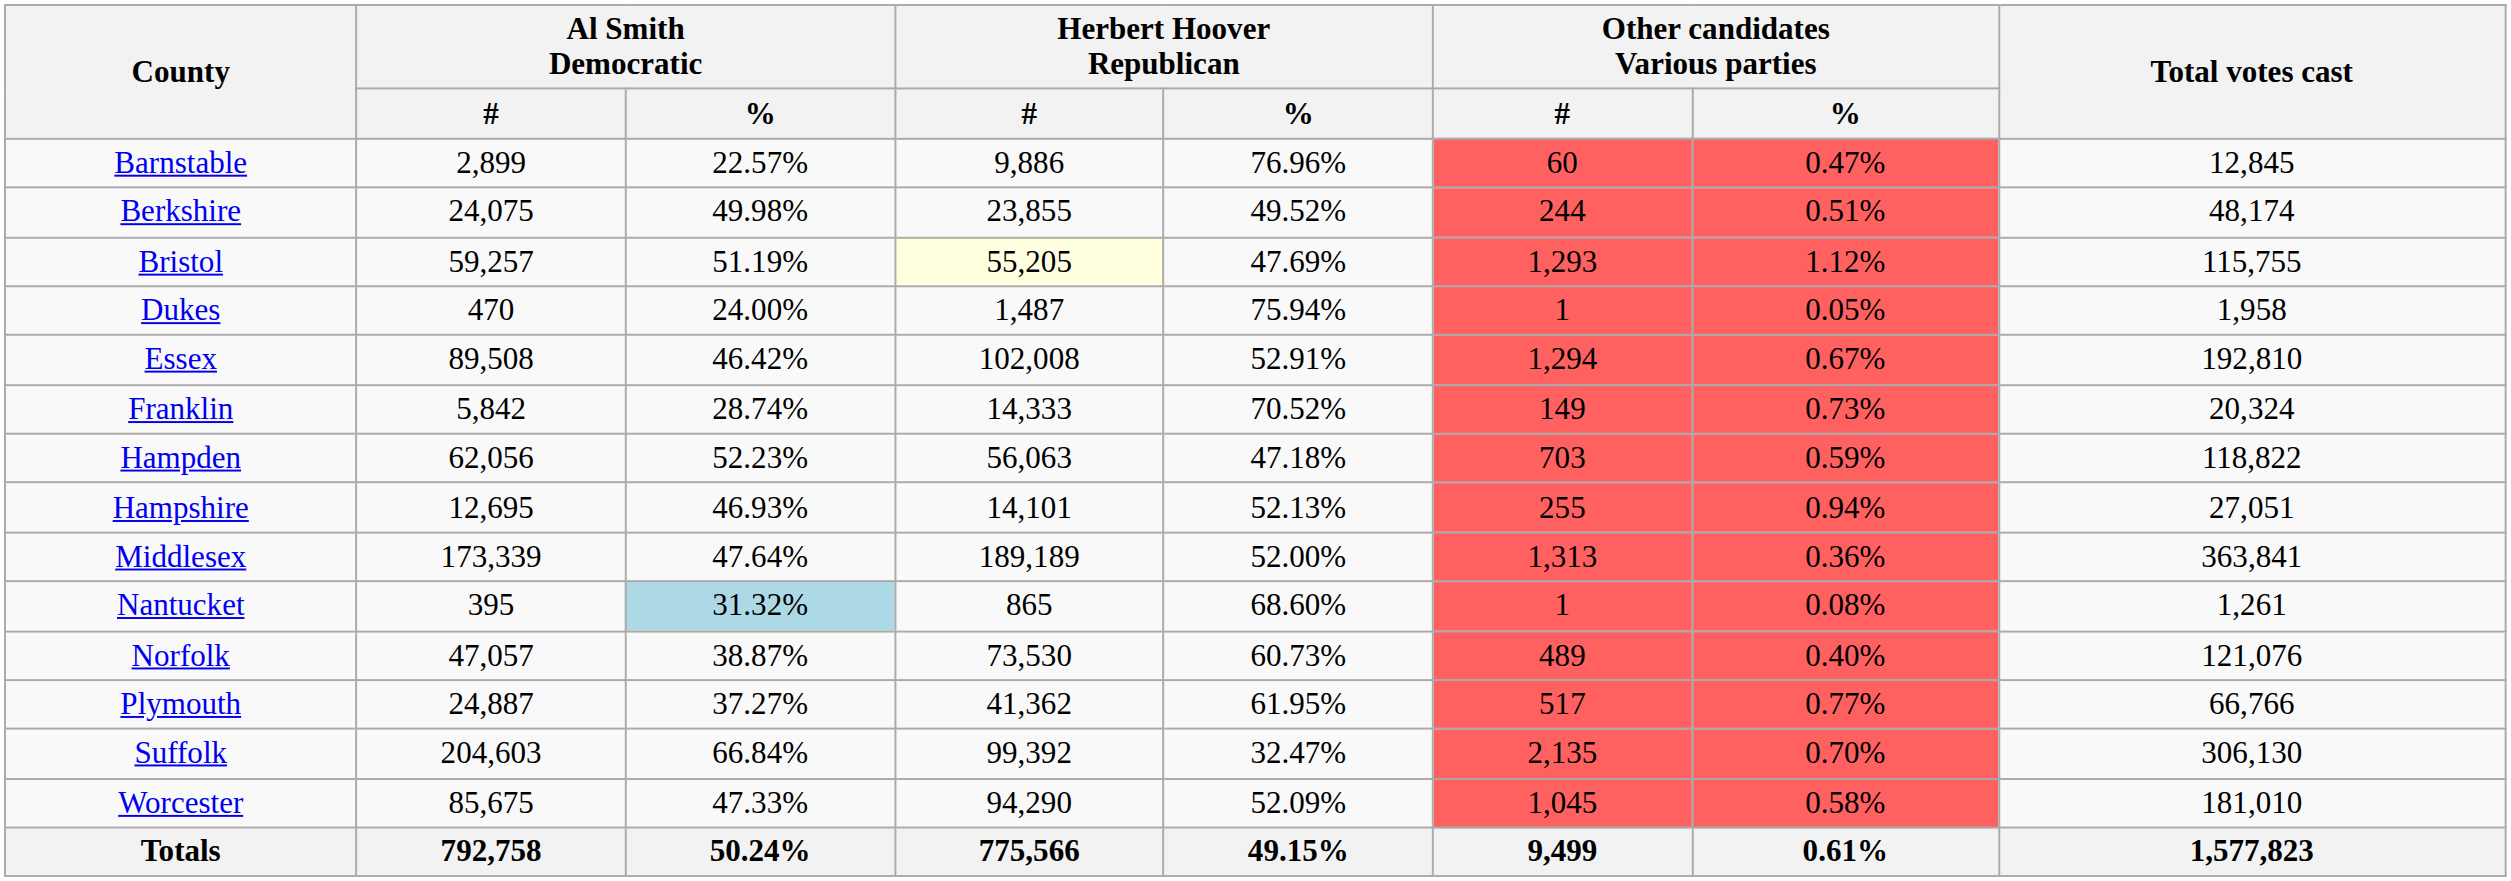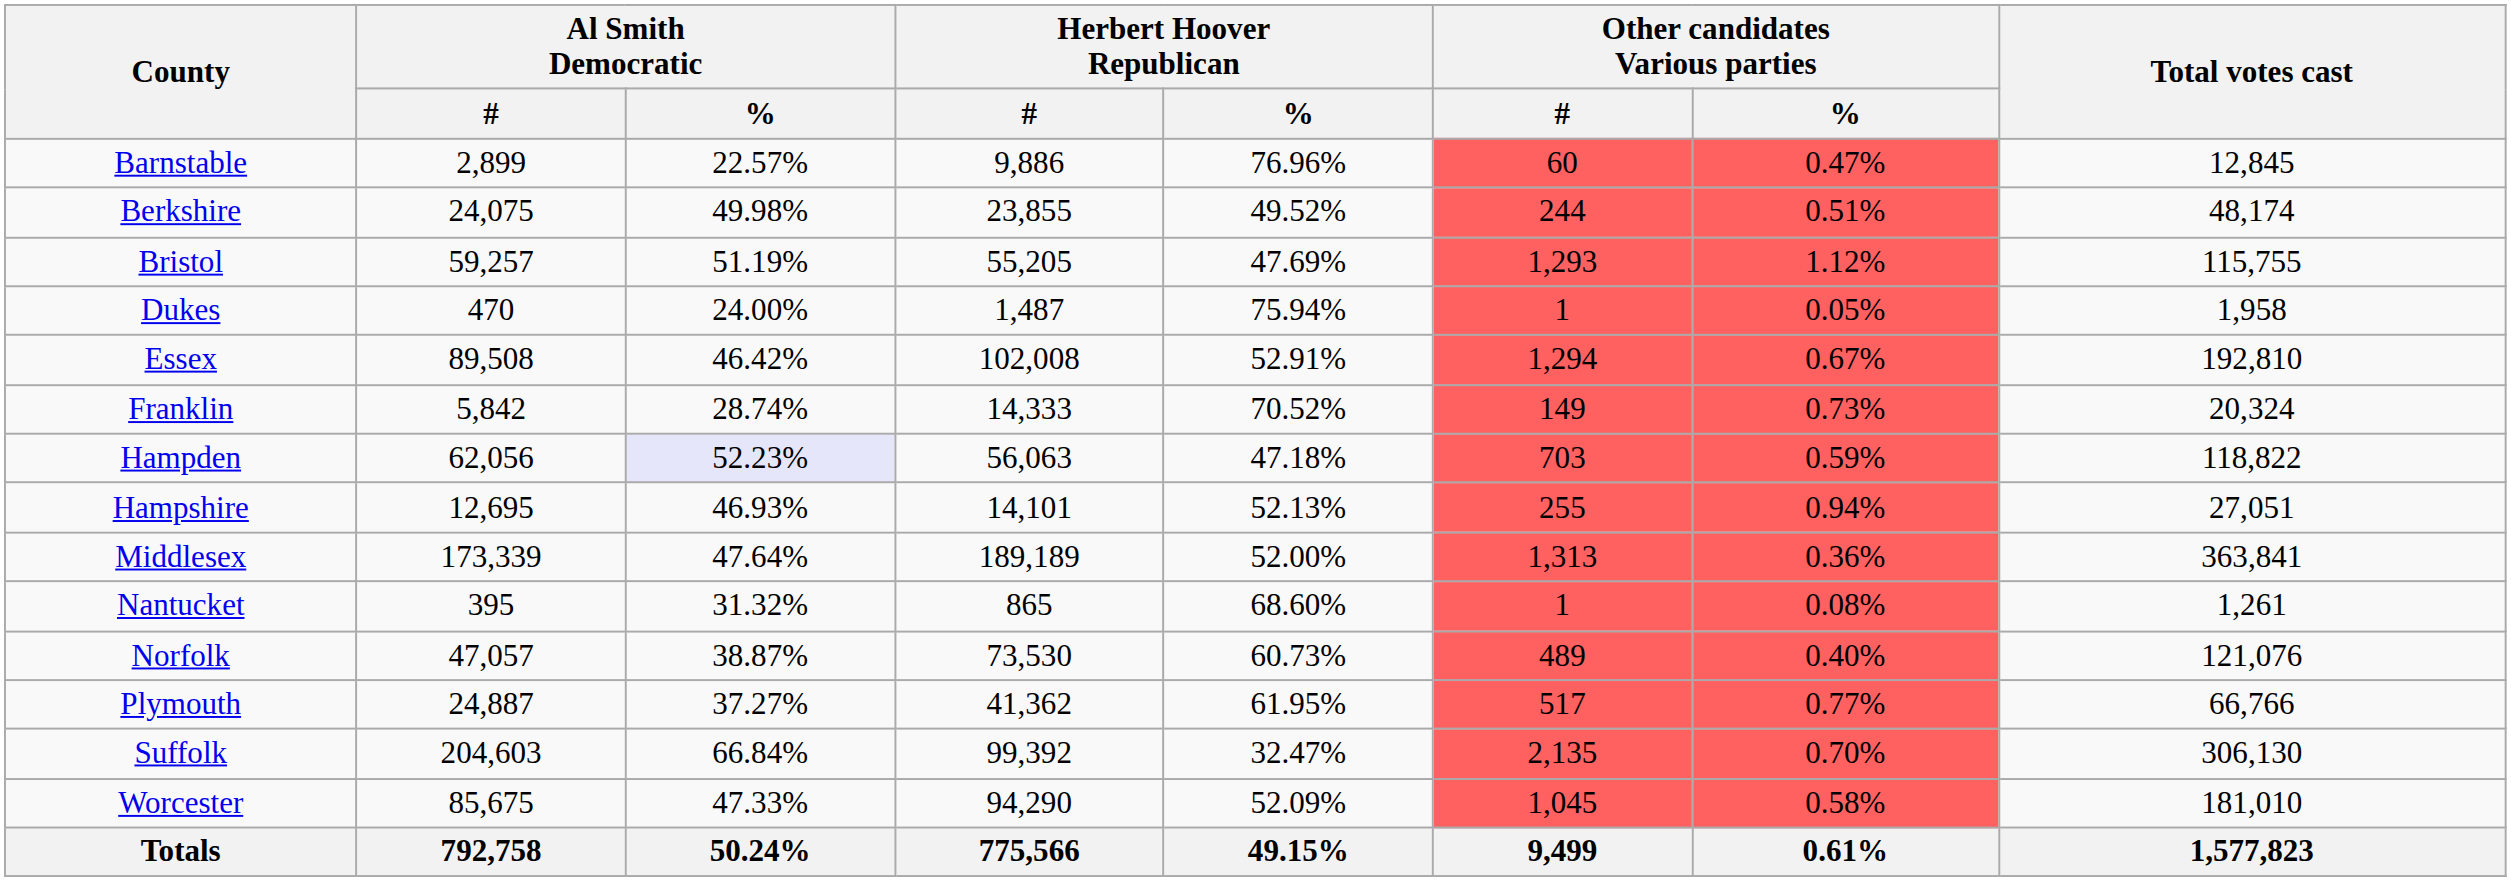 <table width="65%" class="wikitable sortable">
 <tr>
 <th rowspan="2">County</th>
 <th colspan="2">Al Smith<br>Democratic</th>
 <th colspan="2">Herbert Hoover<br>Republican</th>
 <th colspan="2">Other candidates<br>Various parties</th>
 <th rowspan="2">Total votes cast</th>
 </tr>
 <tr bgcolor="lightgrey">
 <th data-sort-type="number">#</th>
 <th data-sort-type="number">%</th>
 <th data-sort-type="number">#</th>
 <th data-sort-type="number">%</th>
 <th data-sort-type="number">#</th>
 <th data-sort-type="number">%</th>
 </tr>
 <tr style="text-align:center;">
 <td><a href='#'>Barnstable</a></td>
 <td>2,899</td>
 <td>22.57%</td>
 <td>9,886</td>
 <td>76.96%</td>
 <td style="background:#ff6060;">60</td>
 <td style="background:#ff6060;">0.47%</td>
 <td>12,845</td>
 </tr>
 <tr style="text-align:center;">
 <td><a href='#'>Berkshire</a></td>
 <td>24,075</td>
 <td>49.98%</td>
 <td>23,855</td>
 <td>49.52%</td>
 <td style="background:#ff6060;">244</td>
 <td style="background:#ff6060;">0.51%</td>
 <td>48,174</td>
 </tr>
 <tr style="text-align:center;">
 <td><a href='#'>Bristol</a></td>
 <td>59,257</td>
 <td>51.19%</td>
-<td style="background: lightyellow;">55,205</td>
+<td>55,205</td>
 <td>47.69%</td>
 <td style="background:#ff6060;">1,293</td>
 <td style="background:#ff6060;">1.12%</td>
 <td>115,755</td>
 </tr>
 <tr style="text-align:center;">
 <td><a href='#'>Dukes</a></td>
 <td>470</td>
 <td>24.00%</td>
 <td>1,487</td>
 <td>75.94%</td>
 <td style="background:#ff6060;">1</td>
 <td style="background:#ff6060;">0.05%</td>
 <td>1,958</td>
 </tr>
 <tr style="text-align:center;">
 <td><a href='#'>Essex</a></td>
 <td>89,508</td>
 <td>46.42%</td>
 <td>102,008</td>
 <td>52.91%</td>
 <td style="background:#ff6060;">1,294</td>
 <td style="background:#ff6060;">0.67%</td>
 <td>192,810</td>
 </tr>
 <tr style="text-align:center;">
 <td><a href='#'>Franklin</a></td>
 <td>5,842</td>
 <td>28.74%</td>
 <td>14,333</td>
 <td>70.52%</td>
 <td style="background:#ff6060;">149</td>
 <td style="background:#ff6060;">0.73%</td>
 <td>20,324</td>
 </tr>
 <tr style="text-align:center;">
 <td><a href='#'>Hampden</a></td>
 <td>62,056</td>
-<td>52.23%</td>
+<td style="background: lavender;">52.23%</td>
 <td>56,063</td>
 <td>47.18%</td>
 <td style="background:#ff6060;">703</td>
 <td style="background:#ff6060;">0.59%</td>
 <td>118,822</td>
 </tr>
 <tr style="text-align:center;">
 <td><a href='#'>Hampshire</a></td>
 <td>12,695</td>
 <td>46.93%</td>
 <td>14,101</td>
 <td>52.13%</td>
 <td style="background:#ff6060;">255</td>
 <td style="background:#ff6060;">0.94%</td>
 <td>27,051</td>
 </tr>
 <tr style="text-align:center;">
 <td><a href='#'>Middlesex</a></td>
 <td>173,339</td>
 <td>47.64%</td>
 <td>189,189</td>
 <td>52.00%</td>
 <td style="background:#ff6060;">1,313</td>
 <td style="background:#ff6060;">0.36%</td>
 <td>363,841</td>
 </tr>
 <tr style="text-align:center;">
 <td><a href='#'>Nantucket</a></td>
 <td>395</td>
-<td style="background: lightblue;">31.32%</td>
+<td>31.32%</td>
 <td>865</td>
 <td>68.60%</td>
 <td style="background:#ff6060;">1</td>
 <td style="background:#ff6060;">0.08%</td>
 <td>1,261</td>
 </tr>
 <tr style="text-align:center;">
 <td><a href='#'>Norfolk</a></td>
 <td>47,057</td>
 <td>38.87%</td>
 <td>73,530</td>
 <td>60.73%</td>
 <td style="background:#ff6060;">489</td>
 <td style="background:#ff6060;">0.40%</td>
 <td>121,076</td>
 </tr>
 <tr style="text-align:center;">
 <td><a href='#'>Plymouth</a></td>
 <td>24,887</td>
 <td>37.27%</td>
 <td>41,362</td>
 <td>61.95%</td>
 <td style="background:#ff6060;">517</td>
 <td style="background:#ff6060;">0.77%</td>
 <td>66,766</td>
 </tr>
 <tr style="text-align:center;">
 <td><a href='#'>Suffolk</a></td>
 <td>204,603</td>
 <td>66.84%</td>
 <td>99,392</td>
 <td>32.47%</td>
 <td style="background:#ff6060;">2,135</td>
 <td style="background:#ff6060;">0.70%</td>
 <td>306,130</td>
 </tr>
 <tr style="text-align:center;">
 <td><a href='#'>Worcester</a></td>
 <td>85,675</td>
 <td>47.33%</td>
 <td>94,290</td>
 <td>52.09%</td>
 <td style="background:#ff6060;">1,045</td>
 <td style="background:#ff6060;">0.58%</td>
 <td>181,010</td>
 </tr>
 <tr>
 <th>Totals</th>
 <th>792,758</th>
 <th>50.24%</th>
 <th>775,566</th>
 <th>49.15%</th>
 <th>9,499</th>
 <th>0.61%</th>
 <th>1,577,823</th>
 </tr>
 </table>
